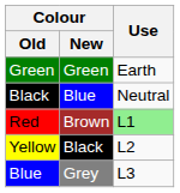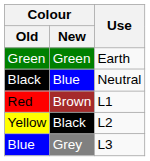 <table class=wikitable>
 <tr>
 <th colspan=2>Colour</th>
 <th rowspan=2>Use</th>
 </tr>
 <tr>
 <th>Old</th>
 <th>New</th>
 </tr>
 <tr>
 <td style="background:green; color:white;">Green</td>
 <td style="background:green; color:white;">Green</td>
 <td>Earth</td>
 </tr>
 <tr>
 <td style="background:black; color:white;">Black</td>
 <td style="background:blue; color:white;">Blue</td>
 <td>Neutral</td>
 </tr>
 <tr>
 <td style="background:red;">Red</td>
 <td style="background:brown; color:white;">Brown</td>
-<td style="background: lightgreen;">L1</td>
+<td>L1</td>
 </tr>
 <tr>
 <td style="background:yellow;">Yellow</td>
 <td style="background:black; color:white;">Black</td>
 <td>L2</td>
 </tr>
 <tr>
 <td style="background:blue; color:white;">Blue</td>
 <td style="background:grey; color:white;">Grey</td>
 <td>L3</td>
 </tr>
 </table>
